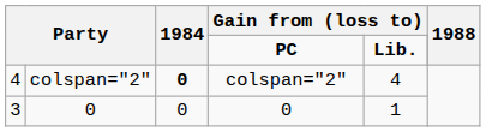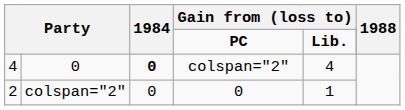 <table class="wikitable"  style="text-align:center;">
 <tr>
 <th rowspan="2" colspan="2">Party</th>
 <th rowspan="2">1984</th>
 <th colspan="4">Gain from (loss to)</th>
 <th rowspan="2">1988</th>
 </tr>
 <tr>
 <td><strong>PC</strong></td>
 <td><strong>Lib.</strong></td>
 </tr>
 <tr>
 <td>4</td>
-<td>colspan="2" </td>
+<td>0</td>
 <td><strong>0</strong></td>
 <td>colspan="2" </td>
 <td>4</td>
 </tr>
 <tr>
-<td>3</td>
-<td>0</td>
+<td>2</td>
+<td>colspan="2" </td>
 <td>0</td>
 <td>0</td>
 <td>1</td>
 </tr>
 </table>
